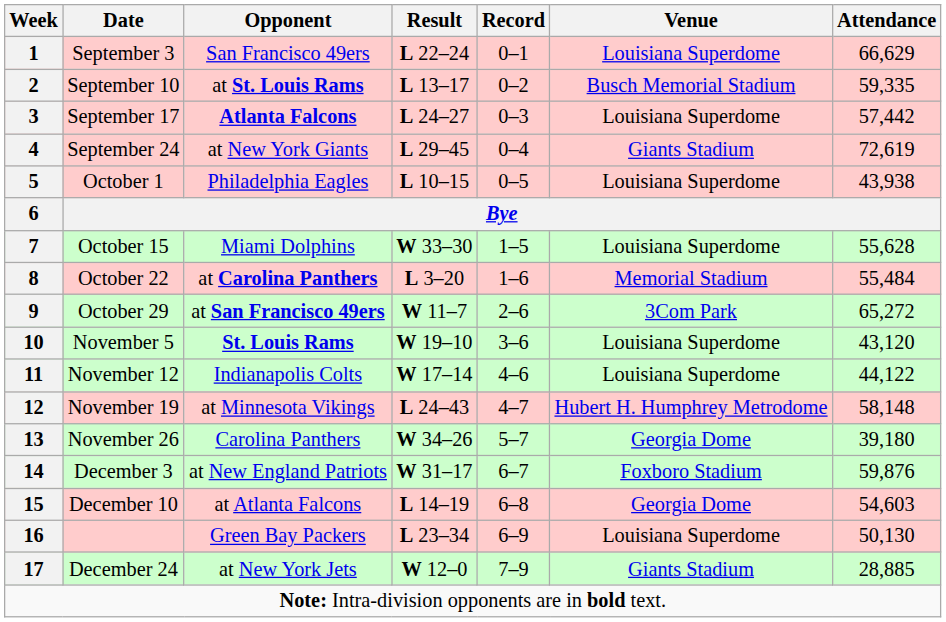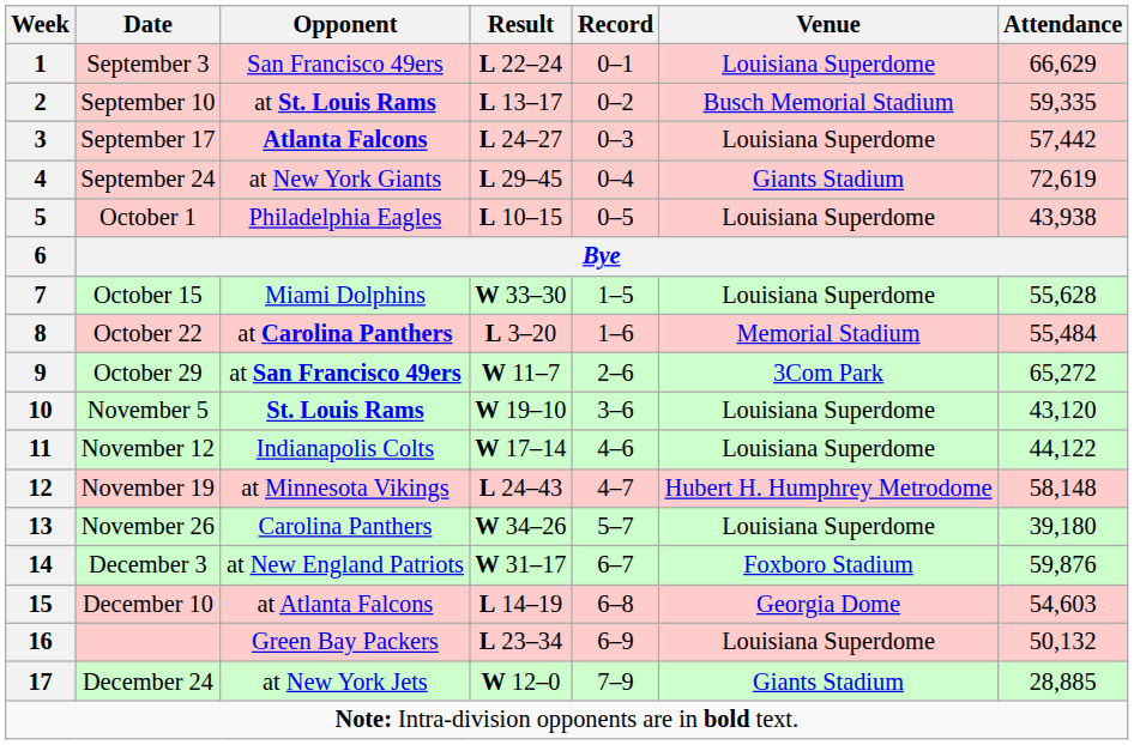 <table class="wikitable"  style="text-align: center;">
 <tr>
 <th>Week</th>
 <th>Date</th>
 <th>Opponent</th>
 <th>Result</th>
 <th>Record</th>
 <th>Venue</th>
 <th>Attendance</th>
 </tr>
 <tr style="background:#fcc">
 <th>1</th>
 <td>September 3</td>
 <td><a href='#'>San Francisco 49ers</a></td>
 <td><strong>L</strong> 22–24</td>
 <td>0–1</td>
 <td><a href='#'>Louisiana Superdome</a></td>
 <td>66,629</td>
 </tr>
 <tr style="background:#fcc">
 <th>2</th>
 <td>September 10</td>
 <td>at <strong><a href='#'>St. Louis Rams</a></strong></td>
 <td><strong>L</strong> 13–17</td>
 <td>0–2</td>
 <td><a href='#'>Busch Memorial Stadium</a></td>
 <td>59,335</td>
 </tr>
 <tr style="background:#fcc">
 <th>3</th>
 <td>September 17</td>
 <td><strong><a href='#'>Atlanta Falcons</a></strong></td>
 <td><strong>L</strong> 24–27 </td>
 <td>0–3</td>
 <td>Louisiana Superdome</td>
 <td>57,442</td>
 </tr>
 <tr style="background:#fcc">
 <th>4</th>
 <td>September 24</td>
 <td>at <a href='#'>New York Giants</a></td>
 <td><strong>L</strong> 29–45</td>
 <td>0–4</td>
 <td><a href='#'>Giants Stadium</a></td>
 <td>72,619</td>
 </tr>
 <tr style="background:#fcc">
 <th>5</th>
 <td>October 1</td>
 <td><a href='#'>Philadelphia Eagles</a></td>
 <td><strong>L</strong> 10–15</td>
 <td>0–5</td>
 <td>Louisiana Superdome</td>
 <td>43,938</td>
 </tr>
 <tr>
 <th>6</th>
 <th colspan="6"><em><a href='#'>Bye</a></em></th>
 </tr>
 <tr style="background:#cfc">
 <th>7</th>
 <td>October 15</td>
 <td><a href='#'>Miami Dolphins</a></td>
 <td><strong>W</strong> 33–30</td>
 <td>1–5</td>
 <td>Louisiana Superdome</td>
 <td>55,628</td>
 </tr>
 <tr style="background:#fcc">
 <th>8</th>
 <td>October 22</td>
 <td>at <strong><a href='#'>Carolina Panthers</a></strong></td>
 <td><strong>L</strong> 3–20</td>
 <td>1–6</td>
 <td><a href='#'>Memorial Stadium</a></td>
 <td>55,484</td>
 </tr>
 <tr style="background:#cfc">
 <th>9</th>
 <td>October 29</td>
 <td>at <strong><a href='#'>San Francisco 49ers</a></strong></td>
 <td><strong>W</strong> 11–7</td>
 <td>2–6</td>
 <td><a href='#'>3Com Park</a></td>
 <td>65,272</td>
 </tr>
 <tr style="background:#cfc">
 <th>10</th>
 <td>November 5</td>
 <td><strong><a href='#'>St. Louis Rams</a></strong></td>
 <td><strong>W</strong> 19–10</td>
 <td>3–6</td>
 <td>Louisiana Superdome</td>
 <td>43,120</td>
 </tr>
 <tr style="background:#cfc">
 <th>11</th>
 <td>November 12</td>
 <td><a href='#'>Indianapolis Colts</a></td>
 <td><strong>W</strong> 17–14</td>
 <td>4–6</td>
 <td>Louisiana Superdome</td>
 <td>44,122</td>
 </tr>
 <tr style="background:#fcc">
 <th>12</th>
 <td>November 19</td>
 <td>at <a href='#'>Minnesota Vikings</a></td>
 <td><strong>L</strong> 24–43</td>
 <td>4–7</td>
 <td><a href='#'>Hubert H. Humphrey Metrodome</a></td>
 <td>58,148</td>
 </tr>
 <tr style="background:#cfc">
 <th>13</th>
 <td>November 26</td>
 <td><a href='#'>Carolina Panthers</a></td>
 <td><strong>W</strong> 34–26</td>
 <td>5–7</td>
-<td><a href='#'>Georgia Dome</a></td>
+<td>Louisiana Superdome</td>
 <td>39,180</td>
 </tr>
 <tr style="background:#cfc">
 <th>14</th>
 <td>December 3</td>
 <td>at <a href='#'>New England Patriots</a></td>
 <td><strong>W</strong> 31–17</td>
 <td>6–7</td>
 <td><a href='#'>Foxboro Stadium</a></td>
 <td>59,876</td>
 </tr>
 <tr style="background:#fcc">
 <th>15</th>
 <td>December 10</td>
 <td>at <a href='#'>Atlanta Falcons</a></td>
 <td><strong>L</strong> 14–19</td>
 <td>6–8</td>
 <td><a href='#'>Georgia Dome</a></td>
 <td>54,603</td>
 </tr>
 <tr style="background:#fcc">
 <th>16</th>
 <td></td>
 <td><a href='#'>Green Bay Packers</a></td>
 <td><strong>L</strong> 23–34</td>
 <td>6–9</td>
 <td>Louisiana Superdome</td>
-<td>50,130</td>
+<td>50,132</td>
 </tr>
 <tr style="background:#cfc">
 <th>17</th>
 <td>December 24</td>
 <td>at <a href='#'>New York Jets</a></td>
 <td><strong>W</strong> 12–0</td>
 <td>7–9</td>
 <td><a href='#'>Giants Stadium</a></td>
 <td>28,885</td>
 </tr>
 <tr>
 <td colspan="7"><strong>Note:</strong> Intra-division opponents are in <strong>bold</strong> text.</td>
 </tr>
 </table>
